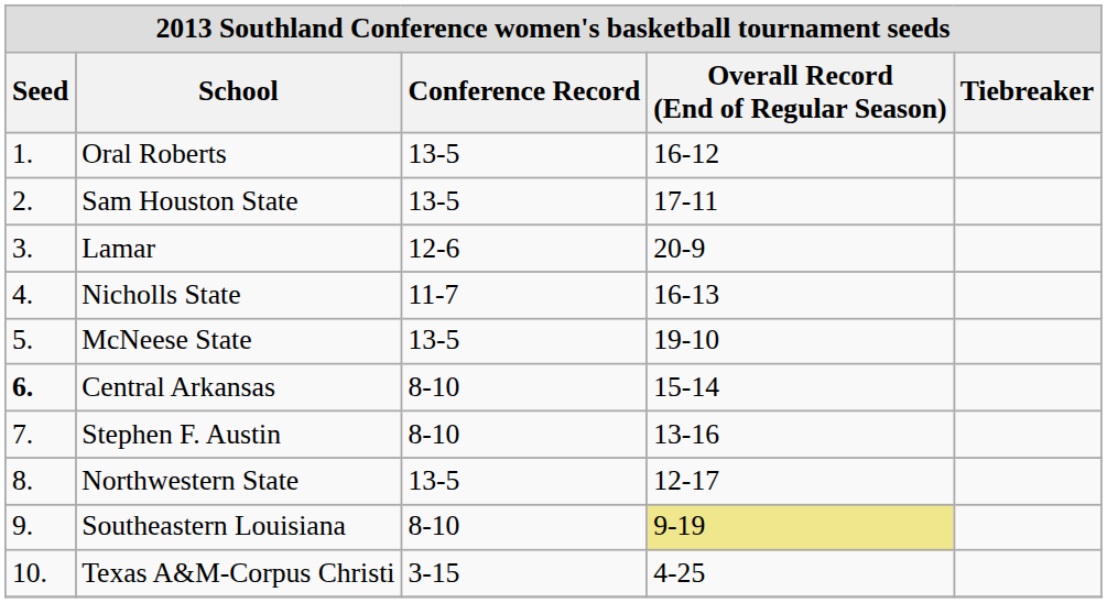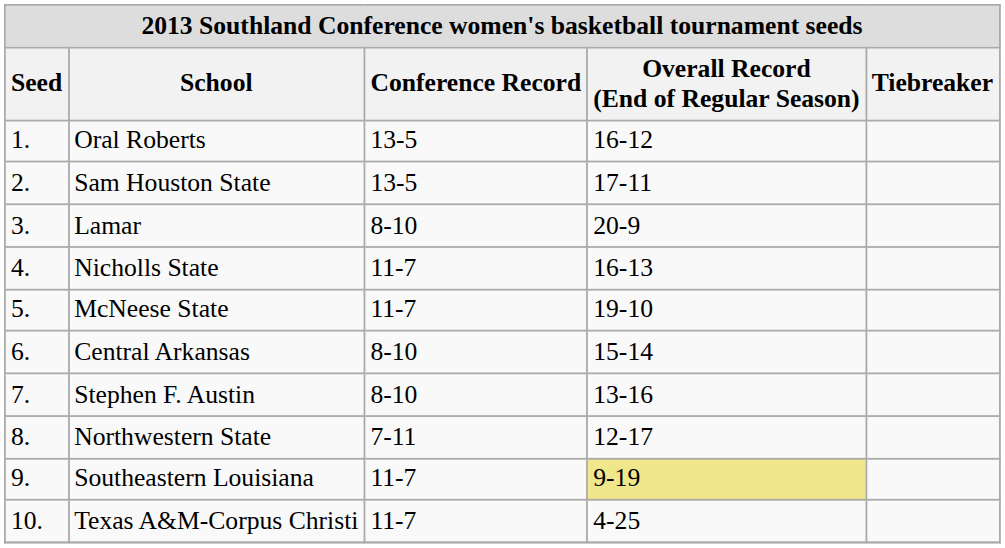 <table class="wikitable" style="white-space:nowrap; font-size:90%;">
 <tr>
 <td colspan="7" style="text-align:center; background:#DDDDDD; font:#000000"><strong>2013 Southland Conference women's basketball tournament seeds</strong></td>
 </tr>
 <tr bgcolor="#efefef">
 <th>Seed</th>
 <th>School</th>
 <th>Conference Record</th>
 <th>Overall Record <br>(End of Regular Season)</th>
 <th>Tiebreaker</th>
 </tr>
 <tr>
 <td>1.</td>
 <td>Oral Roberts</td>
 <td>13-5</td>
 <td>16-12</td>
 <td></td>
 </tr>
 <tr>
 <td>2.</td>
 <td>Sam Houston State</td>
 <td>13-5</td>
 <td>17-11</td>
 <td></td>
 </tr>
 <tr>
 <td>3.</td>
 <td>Lamar</td>
-<td>12-6</td>
+<td>8-10</td>
 <td>20-9</td>
 <td></td>
 </tr>
 <tr>
 <td>4.</td>
 <td>Nicholls State</td>
 <td>11-7</td>
 <td>16-13</td>
 <td></td>
 </tr>
 <tr>
 <td>5.</td>
 <td>McNeese State</td>
-<td>13-5</td>
+<td>11-7</td>
 <td>19-10</td>
 <td></td>
 </tr>
 <tr>
-<td><strong>6.</strong></td>
+<td>6.</td>
 <td>Central Arkansas</td>
 <td>8-10</td>
 <td>15-14</td>
 <td></td>
 </tr>
 <tr>
 <td>7.</td>
 <td>Stephen F. Austin</td>
 <td>8-10</td>
 <td>13-16</td>
 <td></td>
 </tr>
 <tr>
 <td>8.</td>
 <td>Northwestern State</td>
-<td>13-5</td>
+<td>7-11</td>
 <td>12-17</td>
 <td></td>
 </tr>
 <tr>
 <td>9.</td>
 <td>Southeastern Louisiana</td>
-<td>8-10</td>
+<td>11-7</td>
 <td style="background: khaki;">9-19</td>
 <td></td>
 </tr>
 <tr>
 <td>10.</td>
 <td>Texas A&M-Corpus Christi</td>
-<td>3-15</td>
+<td>11-7</td>
 <td>4-25</td>
 <td></td>
 </tr>
 <tr>
 </tr>
 </table>
